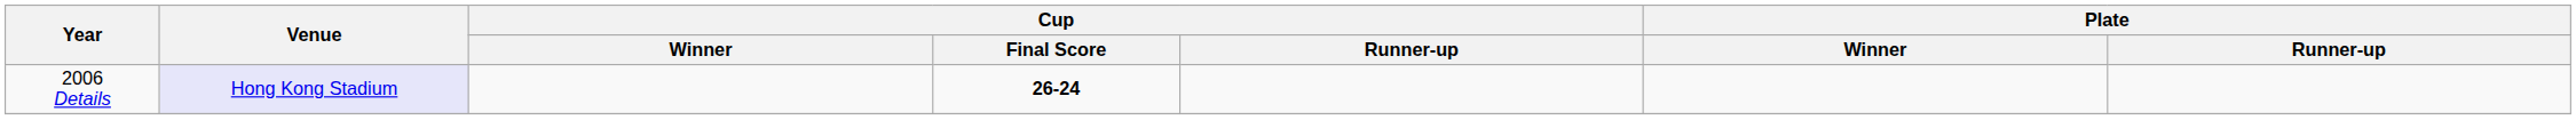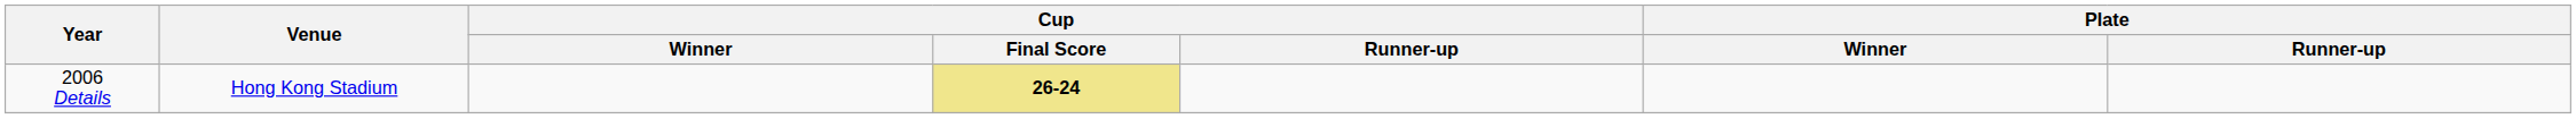 <table class="wikitable" style="font-size:90%; width: 100%; text-align: center;">
 <tr>
 <th rowspan=2 width=5%>Year</th>
 <th rowspan=2 width=10%>Venue</th>
 <th colspan=3>Cup</th>
 <th colspan=2>Plate</th>
 </tr>
 <tr>
 <th width=15%>Winner</th>
 <th width=8%>Final Score</th>
 <th width=15%>Runner-up</th>
 <th width=15%>Winner</th>
 <th width=15%>Runner-up</th>
 </tr>
 <tr>
 <td>2006<br> <em><a href='#'>Details</a></em></td>
-<td style="background: lavender;"><a href='#'>Hong Kong Stadium</a></td>
+<td><a href='#'>Hong Kong Stadium</a></td>
 <td><strong></strong></td>
-<td><strong>26-24</strong></td>
+<td style="background: khaki;"><strong>26-24</strong></td>
 <td></td>
 <td></td>
 <td></td>
 </tr>
 <tr>
 </tr>
 </table>
